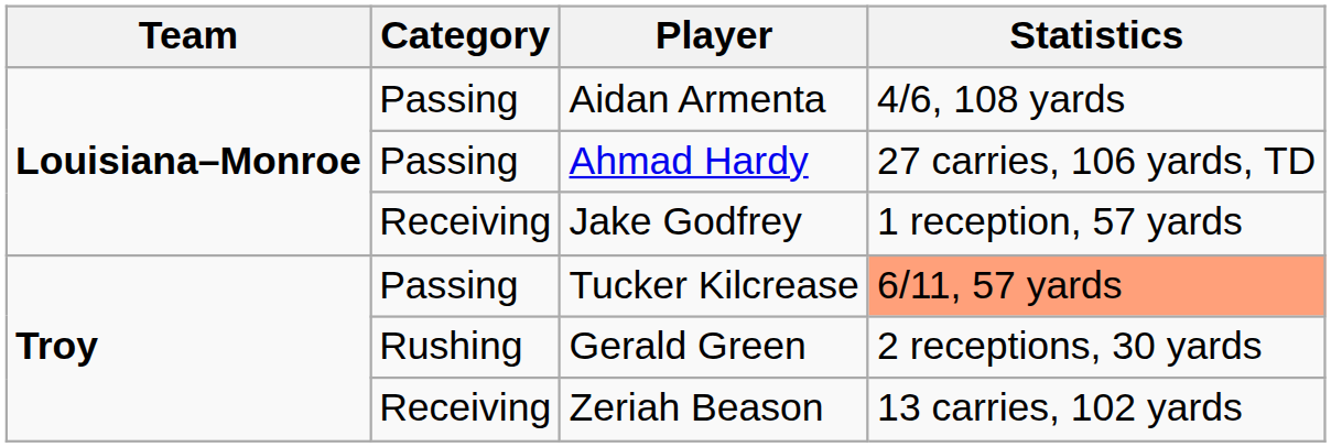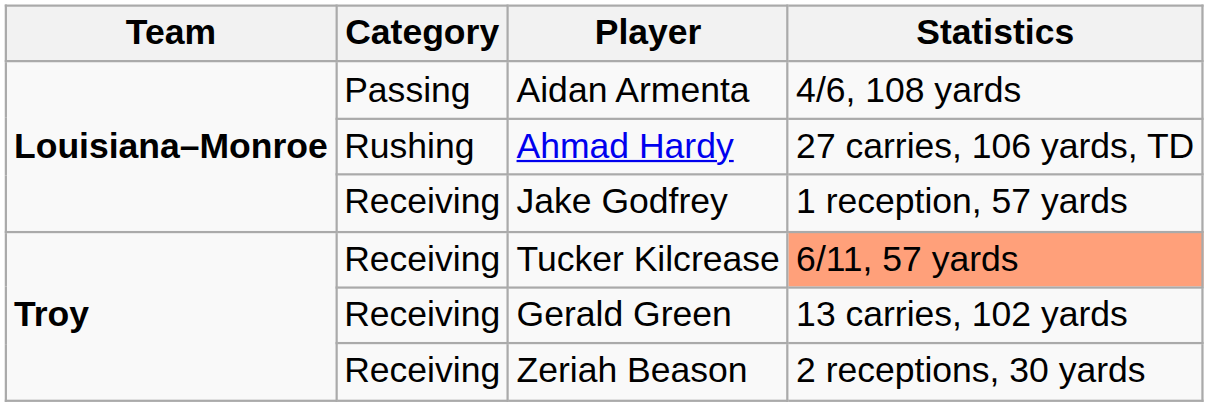 <table class="wikitable" style="float: right;">
 <tr>
 <th>Team</th>
 <th>Category</th>
 <th>Player</th>
 <th>Statistics</th>
 </tr>
 <tr>
 <td rowspan=3><strong>Louisiana–Monroe</strong></td>
 <td>Passing</td>
 <td>Aidan Armenta</td>
 <td>4/6, 108 yards</td>
 </tr>
 <tr>
-<td>Passing</td>
+<td>Rushing</td>
 <td><a href='#'>Ahmad Hardy</a></td>
 <td>27 carries, 106 yards, TD</td>
 </tr>
 <tr>
 <td>Receiving</td>
 <td>Jake Godfrey</td>
 <td>1 reception, 57 yards</td>
 </tr>
 <tr>
 <td rowspan=3><strong>Troy</strong></td>
-<td>Passing</td>
+<td>Receiving</td>
 <td>Tucker Kilcrease</td>
 <td style="background: lightsalmon;">6/11, 57 yards</td>
 </tr>
 <tr>
-<td>Rushing</td>
+<td>Receiving</td>
 <td>Gerald Green</td>
-<td>2 receptions, 30 yards</td>
+<td>13 carries, 102 yards</td>
 </tr>
 <tr>
 <td>Receiving</td>
 <td>Zeriah Beason</td>
-<td>13 carries, 102 yards</td>
+<td>2 receptions, 30 yards</td>
 </tr>
 </table>
